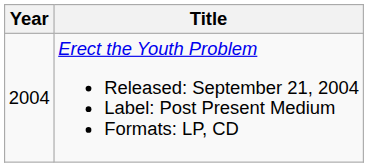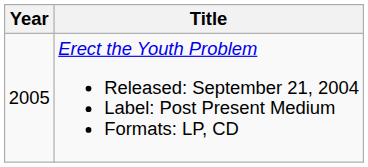 <table class="wikitable">
 <tr>
 <th>Year</th>
 <th>Title</th>
 </tr>
 <tr>
-<td>2004</td>
+<td>2005</td>
 <td><em><a href='#'>Erect the Youth Problem</a></em><br><ul><li>Released: September 21, 2004</li><li>Label: Post Present Medium</li><li>Formats: LP, CD</li></ul></td>
 </tr>
 </table>
